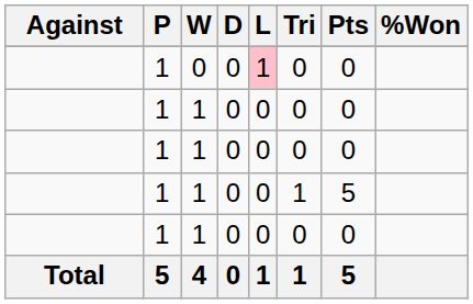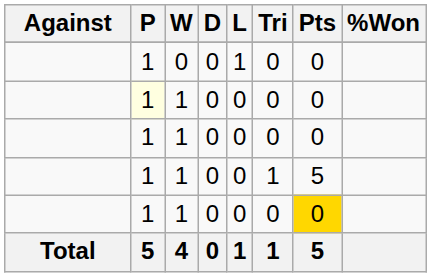 <table class="wikitable sortable"  style="text-align:center; font-size:100%;">
 <tr>
 <th style="width:30%;">Against</th>
 <th abbr="Played" style="width:15px;">P</th>
 <th abbr="Won" style="width:10px;">W</th>
 <th abbr="Drawn" style="width:10px;">D</th>
 <th abbr="Lost" style="width:10px;">L</th>
 <th abbr="Tries" style="width:15px;">Tri</th>
 <th abbr="Points" style="width:18px;">Pts</th>
 <th abbr="Won" style="width:18px;">%Won</th>
 </tr>
 <tr bgcolor="#d0ffd0" align="center">
 </tr>
 <tr>
 <td align="left"></td>
 <td>1</td>
 <td>0</td>
 <td>0</td>
-<td style="background: pink;">1</td>
+<td>1</td>
 <td>0</td>
 <td>0</td>
 <td></td>
 </tr>
 <tr>
 <td align="left"></td>
-<td>1</td>
+<td style="background: lightyellow;">1</td>
 <td>1</td>
 <td>0</td>
 <td>0</td>
 <td>0</td>
 <td>0</td>
 <td></td>
 </tr>
 <tr>
 <td align="left"></td>
 <td>1</td>
 <td>1</td>
 <td>0</td>
 <td>0</td>
 <td>0</td>
 <td>0</td>
 <td></td>
 </tr>
 <tr>
 <td align="left"></td>
 <td>1</td>
 <td>1</td>
 <td>0</td>
 <td>0</td>
 <td>1</td>
 <td>5</td>
 <td></td>
 </tr>
 <tr>
 <td align="left"></td>
 <td>1</td>
 <td>1</td>
 <td>0</td>
 <td>0</td>
 <td>0</td>
-<td>0</td>
+<td style="background: gold;">0</td>
 <td></td>
 </tr>
 <tr>
 <th>Total</th>
 <th>5</th>
 <th>4</th>
 <th>0</th>
 <th>1</th>
 <th>1</th>
 <th>5</th>
 <th></th>
 </tr>
 </table>
